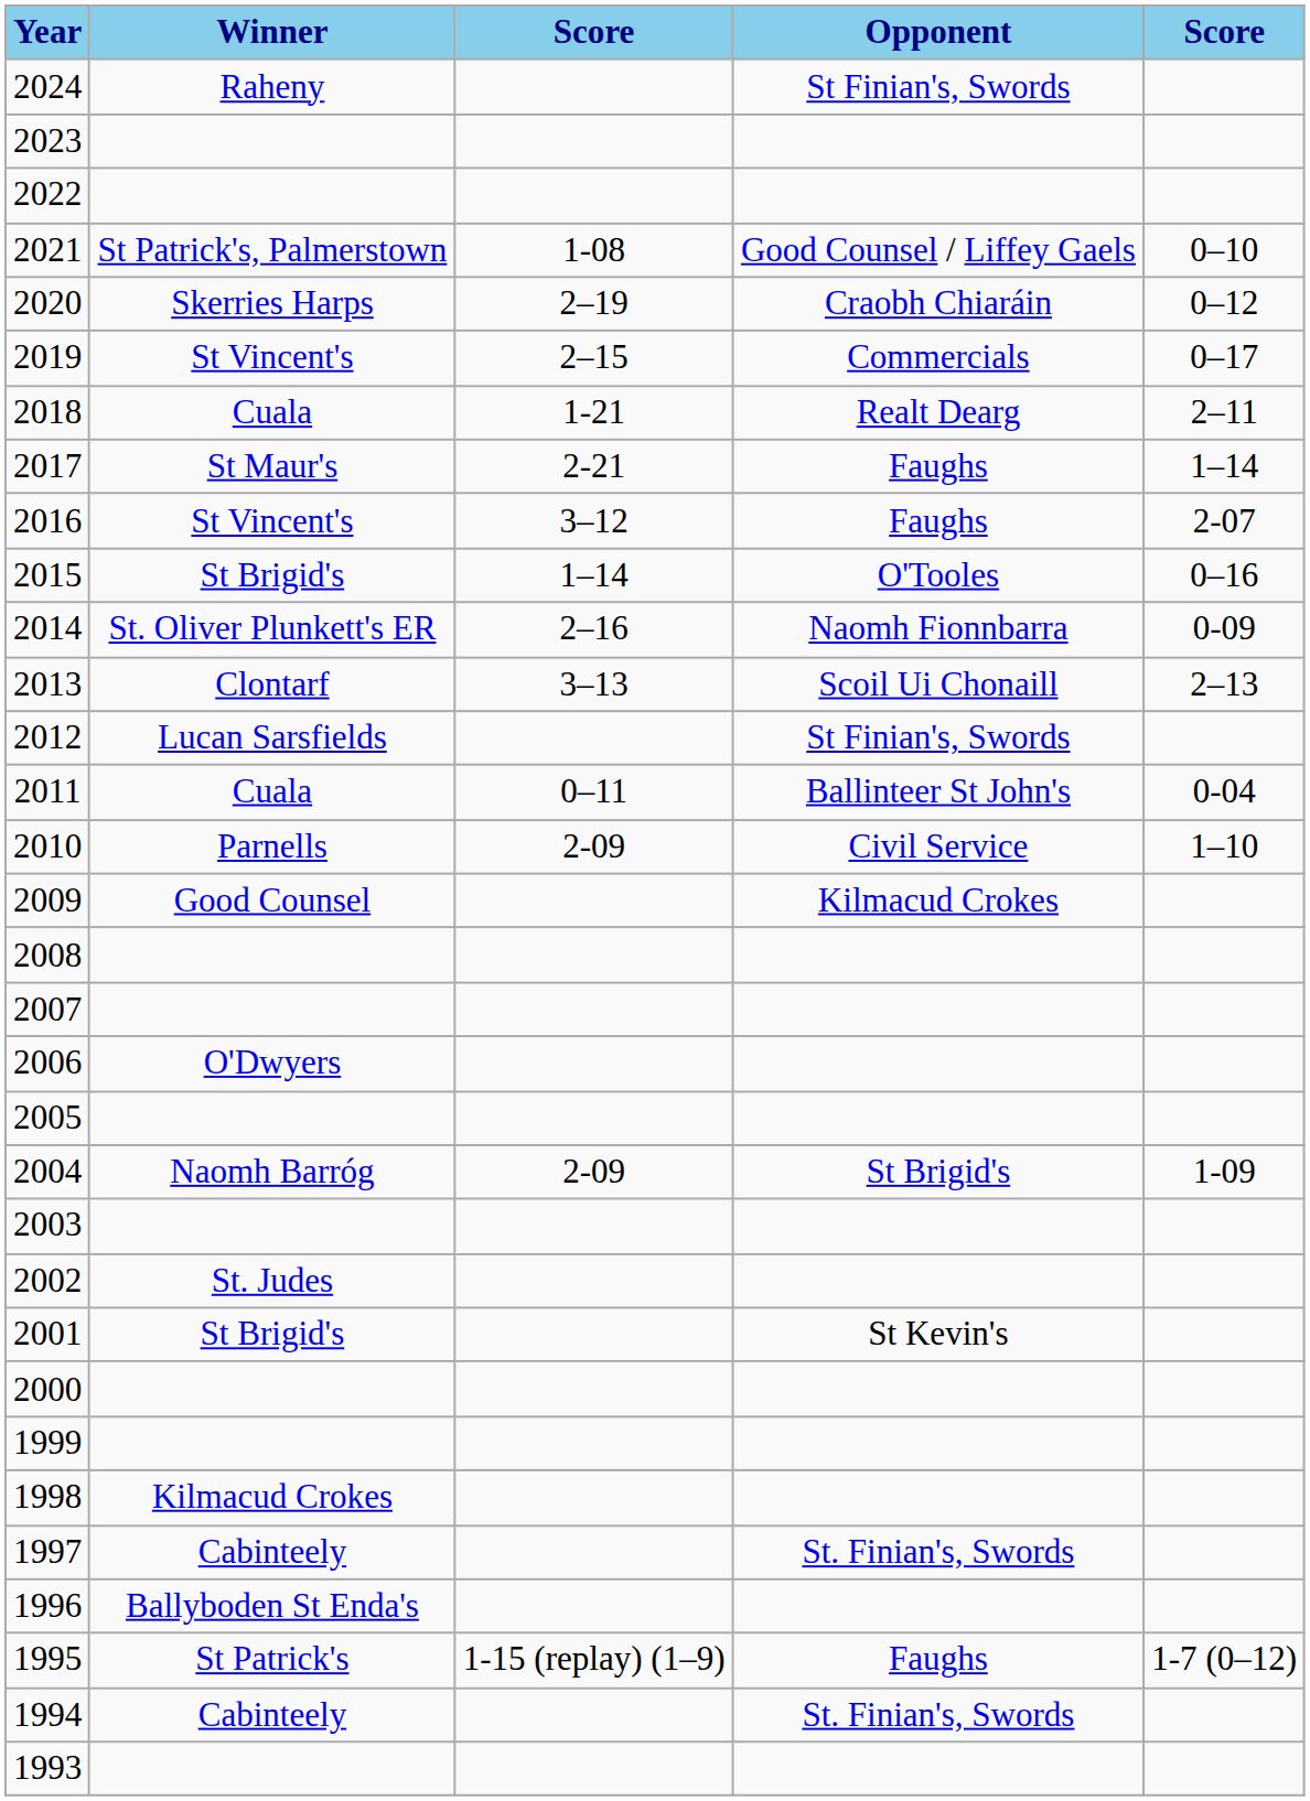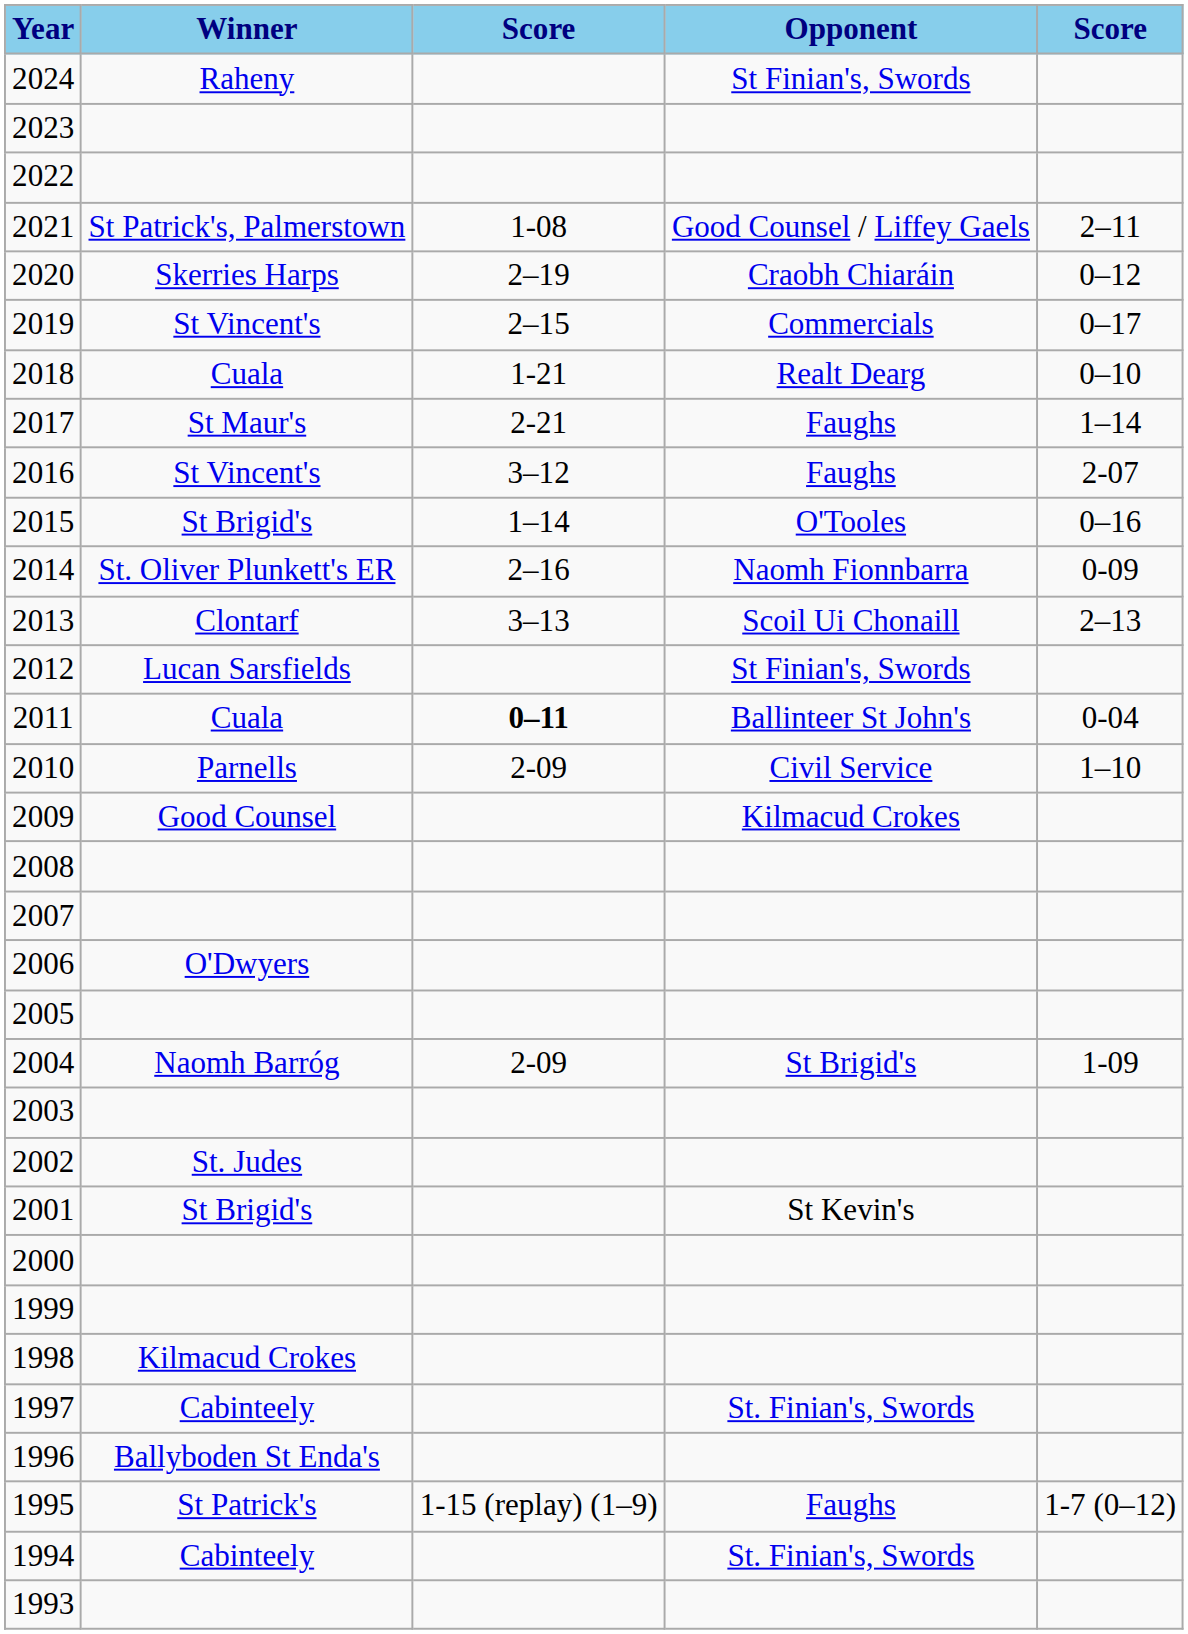 <table class="wikitable" style="text-align:center;">
 <tr>
 <th style="background:skyblue;color:navy;">Year</th>
 <th style="background:skyblue;color:navy;">Winner</th>
 <th style="background:skyblue;color:navy;">Score</th>
 <th style="background:skyblue;color:navy;">Opponent</th>
 <th style="background:skyblue;color:navy;">Score</th>
 </tr>
 <tr>
 <td>2024</td>
 <td><a href='#'>Raheny</a></td>
 <td></td>
 <td><a href='#'>St Finian's, Swords</a></td>
 <td></td>
 </tr>
 <tr>
 <td>2023</td>
 <td></td>
 <td></td>
 <td></td>
 <td></td>
 </tr>
 <tr>
 <td>2022</td>
 <td></td>
 <td></td>
 <td></td>
 <td></td>
 </tr>
 <tr>
 <td>2021</td>
 <td><a href='#'>St Patrick's, Palmerstown</a></td>
 <td>1-08</td>
 <td><a href='#'>Good Counsel</a> / <a href='#'>Liffey Gaels</a></td>
-<td>0–10</td>
+<td>2–11</td>
 </tr>
 <tr>
 <td>2020</td>
 <td><a href='#'>Skerries Harps</a></td>
 <td>2–19</td>
 <td><a href='#'>Craobh Chiaráin</a></td>
 <td>0–12</td>
 </tr>
 <tr>
 <td>2019</td>
 <td><a href='#'>St Vincent's</a></td>
 <td>2–15</td>
 <td><a href='#'>Commercials</a></td>
 <td>0–17</td>
 </tr>
 <tr>
 <td>2018</td>
 <td><a href='#'>Cuala</a></td>
 <td>1-21</td>
 <td><a href='#'>Realt Dearg</a></td>
-<td>2–11</td>
+<td>0–10</td>
 </tr>
 <tr>
 <td>2017</td>
 <td><a href='#'>St Maur's</a></td>
 <td>2-21</td>
 <td><a href='#'>Faughs</a></td>
 <td>1–14</td>
 </tr>
 <tr>
 <td>2016</td>
 <td><a href='#'>St Vincent's</a></td>
 <td>3–12</td>
 <td><a href='#'>Faughs</a></td>
 <td>2-07</td>
 </tr>
 <tr>
 <td>2015</td>
 <td><a href='#'>St Brigid's</a></td>
 <td>1–14</td>
 <td><a href='#'>O'Tooles</a></td>
 <td>0–16</td>
 </tr>
 <tr>
 <td>2014</td>
 <td><a href='#'>St. Oliver Plunkett's ER</a></td>
 <td>2–16</td>
 <td><a href='#'>Naomh Fionnbarra</a></td>
 <td>0-09</td>
 </tr>
 <tr>
 <td>2013</td>
 <td><a href='#'>Clontarf</a></td>
 <td>3–13</td>
 <td><a href='#'>Scoil Ui Chonaill</a></td>
 <td>2–13</td>
 </tr>
 <tr>
 <td>2012</td>
 <td><a href='#'>Lucan Sarsfields</a></td>
 <td></td>
 <td><a href='#'>St Finian's, Swords</a></td>
 <td></td>
 </tr>
 <tr>
 <td>2011</td>
 <td><a href='#'>Cuala</a></td>
-<td>0–11</td>
+<td><strong>0–11</strong></td>
 <td><a href='#'>Ballinteer St John's</a></td>
 <td>0-04</td>
 </tr>
 <tr>
 <td>2010</td>
 <td><a href='#'>Parnells</a></td>
 <td>2-09</td>
 <td><a href='#'>Civil Service</a></td>
 <td>1–10</td>
 </tr>
 <tr>
 <td>2009</td>
 <td><a href='#'>Good Counsel</a></td>
 <td></td>
 <td><a href='#'>Kilmacud Crokes</a></td>
 <td></td>
 </tr>
 <tr>
 <td>2008</td>
 <td></td>
 <td></td>
 <td></td>
 <td></td>
 </tr>
 <tr>
 <td>2007</td>
 <td></td>
 <td></td>
 <td></td>
 <td></td>
 </tr>
 <tr>
 <td>2006</td>
 <td><a href='#'>O'Dwyers</a></td>
 <td></td>
 <td></td>
 <td></td>
 </tr>
 <tr>
 <td>2005</td>
 <td></td>
 <td></td>
 <td></td>
 <td></td>
 </tr>
 <tr>
 <td>2004</td>
 <td><a href='#'>Naomh Barróg</a></td>
 <td>2-09</td>
 <td><a href='#'>St Brigid's</a></td>
 <td>1-09</td>
 </tr>
 <tr>
 <td>2003</td>
 <td></td>
 <td></td>
 <td></td>
 <td></td>
 </tr>
 <tr>
 <td>2002</td>
 <td><a href='#'>St. Judes</a></td>
 <td></td>
 <td></td>
 <td></td>
 </tr>
 <tr>
 <td>2001</td>
 <td><a href='#'>St Brigid's</a></td>
 <td></td>
 <td>St Kevin's</td>
 <td></td>
 </tr>
 <tr>
 <td>2000</td>
 <td></td>
 <td></td>
 <td></td>
 <td></td>
 </tr>
 <tr>
 <td>1999</td>
 <td></td>
 <td></td>
 <td></td>
 <td></td>
 </tr>
 <tr>
 <td>1998</td>
 <td><a href='#'>Kilmacud Crokes</a></td>
 <td></td>
 <td></td>
 <td></td>
 </tr>
 <tr>
 <td>1997</td>
 <td><a href='#'>Cabinteely</a></td>
 <td></td>
 <td><a href='#'>St. Finian's, Swords</a></td>
 <td></td>
 </tr>
 <tr>
 <td>1996</td>
 <td><a href='#'>Ballyboden St Enda's</a></td>
 <td></td>
 <td></td>
 <td></td>
 </tr>
 <tr>
 <td>1995</td>
 <td><a href='#'>St Patrick's</a></td>
 <td>1-15 (replay) (1–9)</td>
 <td><a href='#'>Faughs</a></td>
 <td>1-7 (0–12)</td>
 </tr>
 <tr>
 <td>1994</td>
 <td><a href='#'>Cabinteely</a></td>
 <td></td>
 <td><a href='#'>St. Finian's, Swords</a></td>
 <td></td>
 </tr>
 <tr>
 <td>1993</td>
 <td></td>
 <td></td>
 <td></td>
 <td></td>
 </tr>
 </table>
